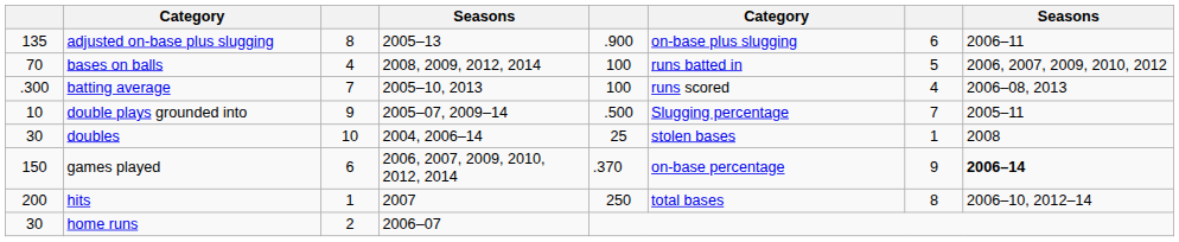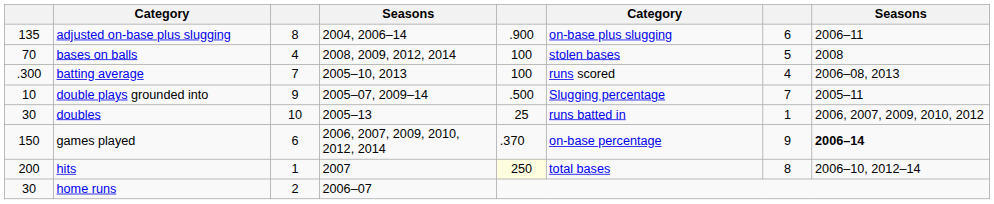 <table class="wikitable">
 <tr>
 <th scope="col" style="width:5%;"></th>
 <th scope="col" style="width:22%;">Category</th>
 <th scope="col" style="width:5%;"></th>
 <th scope="col" style="width:18%;">Seasons</th>
 <th scope="col" style="width:5%;"></th>
 <th scope="col" style="width:22%;">Category</th>
 <th scope="col" style="width:5%;"></th>
 <th scope="col" style="width:18%;">Seasons</th>
 </tr>
 <tr>
 <td style="text-align:center;">135</td>
 <td><a href='#'>adjusted on-base plus slugging</a></td>
 <td style="text-align:center;">8</td>
-<td>2005–13</td>
+<td>2004, 2006–14</td>
 <td style="text-align:center;">.900</td>
 <td><a href='#'>on-base plus slugging</a></td>
 <td style="text-align:center;">6</td>
 <td>2006–11</td>
 </tr>
 <tr>
 <td style="text-align:center;">70</td>
 <td><a href='#'>bases on balls</a></td>
 <td style="text-align:center;">4</td>
 <td>2008, 2009, 2012, 2014</td>
 <td style="text-align:center;">100</td>
-<td><a href='#'>runs batted in</a></td>
+<td><a href='#'>stolen bases</a></td>
 <td style="text-align:center;">5</td>
-<td>2006, 2007, 2009, 2010, 2012</td>
+<td>2008</td>
 </tr>
 <tr>
 <td style="text-align:center;">.300</td>
 <td><a href='#'>batting average</a></td>
 <td style="text-align:center;">7</td>
 <td>2005–10, 2013</td>
 <td style="text-align:center;">100</td>
 <td><a href='#'>runs</a> scored</td>
 <td style="text-align:center;">4</td>
 <td>2006–08, 2013</td>
 </tr>
 <tr>
 <td style="text-align:center;">10</td>
 <td><a href='#'>double plays</a> grounded into</td>
 <td style="text-align:center;">9</td>
 <td>2005–07, 2009–14</td>
 <td style="text-align:center;">.500</td>
 <td><a href='#'>Slugging percentage</a></td>
 <td style="text-align:center;">7</td>
 <td>2005–11</td>
 </tr>
 <tr>
 <td style="text-align:center;">30</td>
 <td><a href='#'>doubles</a></td>
 <td style="text-align:center;">10</td>
-<td>2004, 2006–14</td>
+<td>2005–13</td>
 <td style="text-align:center;">25</td>
-<td><a href='#'>stolen bases</a></td>
+<td><a href='#'>runs batted in</a></td>
 <td style="text-align:center;">1</td>
-<td>2008</td>
+<td>2006, 2007, 2009, 2010, 2012</td>
 </tr>
 <tr>
 <td style="text-align:center;">150</td>
 <td>games played</td>
 <td style="text-align:center;">6</td>
 <td>2006, 2007, 2009, 2010, 2012, 2014</td>
 <td>.370</td>
 <td><a href='#'>on-base percentage</a></td>
 <td style="text-align:center;">9</td>
 <td><strong>2006–14</strong></td>
 </tr>
 <tr>
 <td style="text-align:center;">200</td>
 <td><a href='#'>hits</a></td>
 <td style="text-align:center;">1</td>
 <td>2007</td>
-<td style="text-align:center;">250</td>
+<td style="background: lightyellow; text-align:center;">250</td>
 <td><a href='#'>total bases</a></td>
 <td style="text-align:center;">8</td>
 <td>2006–10, 2012–14</td>
 </tr>
 <tr>
 <td style="text-align:center;">30</td>
 <td><a href='#'>home runs</a></td>
 <td style="text-align:center;">2</td>
 <td>2006–07</td>
 </tr>
 </table>
